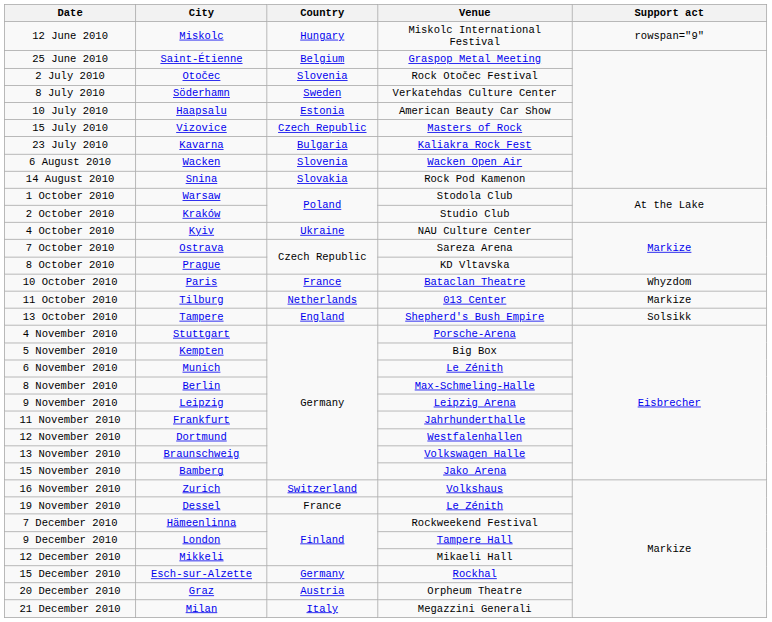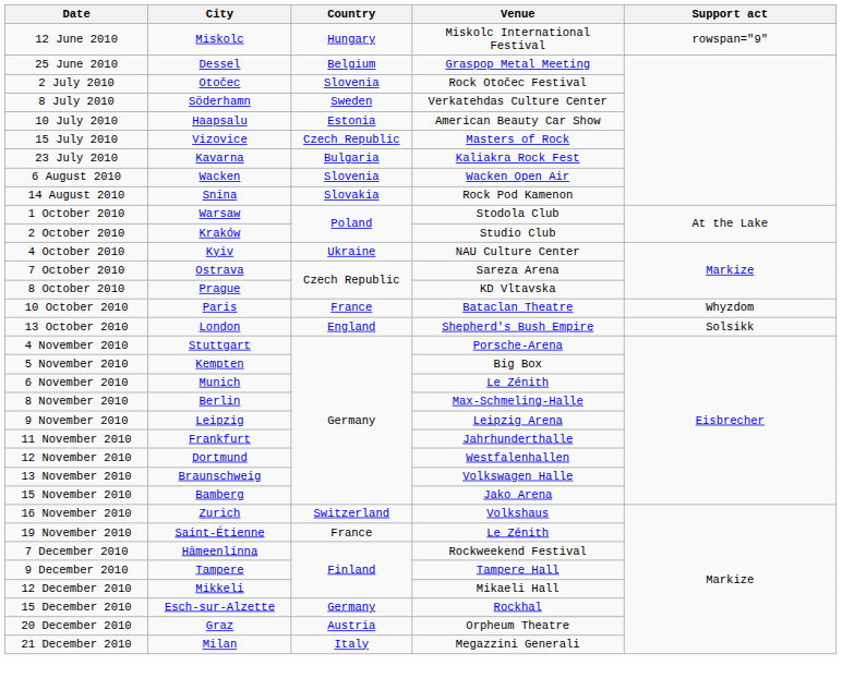 <table class="wikitable plainrowheaders" style="text-align:center;">
 <tr>
 <th scope="col" style="width:12em;">Date</th>
 <th scope="col" style="width:12em;">City</th>
 <th scope="col" style="width:10em;">Country</th>
 <th scope="col" style="width:18em;">Venue</th>
 <th scope="col" style="width:18em;">Support act</th>
 </tr>
 <tr>
 <td style="text-align:center">12 June 2010</td>
 <td style="text-align:center"><a href='#'>Miskolc</a></td>
 <td style="text-align:center"><a href='#'>Hungary</a></td>
 <td style="text-align:center">Miskolc International Festival</td>
 <td>rowspan="9" </td>
 </tr>
 <tr>
 <td style="text-align:center">25 June 2010</td>
-<td style="text-align:center"><a href='#'>Saint-Étienne</a></td>
+<td style="text-align:center"><a href='#'>Dessel</a></td>
 <td style="text-align:center"><a href='#'>Belgium</a></td>
 <td style="text-align:center"><a href='#'>Graspop Metal Meeting</a></td>
 </tr>
 <tr>
 <td style="text-align:center">2 July 2010</td>
 <td style="text-align:center"><a href='#'>Otočec</a></td>
 <td style="text-align:center"><a href='#'>Slovenia</a></td>
 <td style="text-align:center">Rock Otočec Festival</td>
 </tr>
 <tr>
 <td style="text-align:center">8 July 2010</td>
 <td style="text-align:center"><a href='#'>Söderhamn</a></td>
 <td style="text-align:center"><a href='#'>Sweden</a></td>
 <td style="text-align:center">Verkatehdas Culture Center</td>
 </tr>
 <tr>
 <td style="text-align:center">10 July 2010</td>
 <td style="text-align:center"><a href='#'>Haapsalu</a></td>
 <td style="text-align:center"><a href='#'>Estonia</a></td>
 <td style="text-align:center">American Beauty Car Show</td>
 </tr>
 <tr>
 <td style="text-align:center">15 July 2010</td>
 <td style="text-align:center"><a href='#'>Vizovice</a></td>
 <td style="text-align:center"><a href='#'>Czech Republic</a></td>
 <td style="text-align:center"><a href='#'>Masters of Rock</a></td>
 </tr>
 <tr>
 <td style="text-align:center">23 July 2010</td>
 <td style="text-align:center"><a href='#'>Kavarna</a></td>
 <td style="text-align:center"><a href='#'>Bulgaria</a></td>
 <td style="text-align:center"><a href='#'>Kaliakra Rock Fest</a></td>
 </tr>
 <tr>
 <td style="text-align:center">6 August 2010</td>
 <td style="text-align:center"><a href='#'>Wacken</a></td>
 <td style="text-align:center"><a href='#'>Slovenia</a></td>
 <td style="text-align:center"><a href='#'>Wacken Open Air</a></td>
 </tr>
 <tr>
 <td style="text-align:center">14 August 2010</td>
 <td style="text-align:center"><a href='#'>Snina</a></td>
 <td style="text-align:center"><a href='#'>Slovakia</a></td>
 <td style="text-align:center">Rock Pod Kamenon</td>
 </tr>
 <tr>
 <td style="text-align:center">1 October 2010</td>
 <td style="text-align:center"><a href='#'>Warsaw</a></td>
 <td style="text-align:center" rowspan="2"><a href='#'>Poland</a></td>
 <td style="text-align:center">Stodola Club</td>
 <td style="text-align:center" rowspan="2">At the Lake</td>
 </tr>
 <tr>
 <td style="text-align:center">2 October 2010</td>
 <td style="text-align:center"><a href='#'>Kraków</a></td>
 <td style="text-align:center">Studio Club</td>
 </tr>
 <tr>
 <td style="text-align:center">4 October 2010</td>
 <td style="text-align:center"><a href='#'>Kyiv</a></td>
 <td style="text-align:center"><a href='#'>Ukraine</a></td>
 <td style="text-align:center">NAU Culture Center</td>
 <td style="text-align:center" rowspan="3"><a href='#'>Markize</a></td>
 </tr>
 <tr>
 <td style="text-align:center">7 October 2010</td>
 <td style="text-align:center"><a href='#'>Ostrava</a></td>
 <td style="text-align:center" rowspan="2">Czech Republic</td>
 <td style="text-align:center">Sareza Arena</td>
 </tr>
 <tr>
 <td style="text-align:center">8 October 2010</td>
 <td style="text-align:center"><a href='#'>Prague</a></td>
 <td style="text-align:center">KD Vltavska</td>
 </tr>
 <tr>
 <td style="text-align:center">10 October 2010</td>
 <td style="text-align:center"><a href='#'>Paris</a></td>
 <td style="text-align:center"><a href='#'>France</a></td>
 <td style="text-align:center"><a href='#'>Bataclan Theatre</a></td>
 <td style="text-align:center">Whyzdom</td>
 </tr>
 <tr>
-<td style="text-align:center">11 October 2010</td>
-<td style="text-align:center"><a href='#'>Tilburg</a></td>
-<td style="text-align:center"><a href='#'>Netherlands</a></td>
-<td style="text-align:center"><a href='#'>013 Center</a></td>
-<td style="text-align:center">Markize</td>
-</tr>
-<tr>
 <td style="text-align:center">13 October 2010</td>
-<td style="text-align:center"><a href='#'>Tampere</a></td>
+<td style="text-align:center"><a href='#'>London</a></td>
 <td style="text-align:center"><a href='#'>England</a></td>
 <td style="text-align:center"><a href='#'>Shepherd's Bush Empire</a></td>
 <td style="text-align:center">Solsikk</td>
 </tr>
 <tr>
 <td style="text-align:center">4 November 2010</td>
 <td style="text-align:center"><a href='#'>Stuttgart</a></td>
 <td style="text-align:center" rowspan="9">Germany</td>
 <td style="text-align:center"><a href='#'>Porsche-Arena</a></td>
 <td style="text-align:center" rowspan="9"><a href='#'>Eisbrecher</a></td>
 </tr>
 <tr>
 <td style="text-align:center">5 November 2010</td>
 <td style="text-align:center"><a href='#'>Kempten</a></td>
 <td style="text-align:center">Big Box</td>
 </tr>
 <tr>
 <td style="text-align:center">6 November 2010</td>
 <td style="text-align:center"><a href='#'>Munich</a></td>
 <td style="text-align:center"><a href='#'>Le Zénith</a></td>
 </tr>
 <tr>
 <td style="text-align:center">8 November 2010</td>
 <td style="text-align:center"><a href='#'>Berlin</a></td>
 <td style="text-align:center"><a href='#'>Max-Schmeling-Halle</a></td>
 </tr>
 <tr>
 <td style="text-align:center">9 November 2010</td>
 <td style="text-align:center"><a href='#'>Leipzig</a></td>
 <td style="text-align:center"><a href='#'>Leipzig Arena</a></td>
 </tr>
 <tr>
 <td style="text-align:center">11 November 2010</td>
 <td style="text-align:center"><a href='#'>Frankfurt</a></td>
 <td style="text-align:center"><a href='#'>Jahrhunderthalle</a></td>
 </tr>
 <tr>
 <td style="text-align:center">12 November 2010</td>
 <td style="text-align:center"><a href='#'>Dortmund</a></td>
 <td style="text-align:center"><a href='#'>Westfalenhallen</a></td>
 </tr>
 <tr>
 <td style="text-align:center">13 November 2010</td>
 <td style="text-align:center"><a href='#'>Braunschweig</a></td>
 <td style="text-align:center"><a href='#'>Volkswagen Halle</a></td>
 </tr>
 <tr>
 <td style="text-align:center">15 November 2010</td>
 <td style="text-align:center"><a href='#'>Bamberg</a></td>
 <td style="text-align:center"><a href='#'>Jako Arena</a></td>
 </tr>
 <tr>
 <td style="text-align:center">16 November 2010</td>
 <td style="text-align:center"><a href='#'>Zurich</a></td>
 <td style="text-align:center"><a href='#'>Switzerland</a></td>
 <td style="text-align:center"><a href='#'>Volkshaus</a></td>
 <td style="text-align:center" rowspan="8">Markize</td>
 </tr>
 <tr>
 <td style="text-align:center">19 November 2010</td>
-<td style="text-align:center"><a href='#'>Dessel</a></td>
+<td style="text-align:center"><a href='#'>Saint-Étienne</a></td>
 <td style="text-align:center">France</td>
 <td style="text-align:center"><a href='#'>Le Zénith</a></td>
 </tr>
 <tr>
 <td style="text-align:center">7 December 2010</td>
 <td style="text-align:center"><a href='#'>Hämeenlinna</a></td>
 <td style="text-align:center" rowspan="3"><a href='#'>Finland</a></td>
 <td style="text-align:center">Rockweekend Festival</td>
 </tr>
 <tr>
 <td style="text-align:center">9 December 2010</td>
-<td style="text-align:center"><a href='#'>London</a></td>
+<td style="text-align:center"><a href='#'>Tampere</a></td>
 <td style="text-align:center"><a href='#'>Tampere Hall</a></td>
 </tr>
 <tr>
 <td style="text-align:center">12 December 2010</td>
 <td style="text-align:center"><a href='#'>Mikkeli</a></td>
 <td style="text-align:center">Mikaeli Hall</td>
 </tr>
 <tr>
 <td style="text-align:center">15 December 2010</td>
 <td style="text-align:center"><a href='#'>Esch-sur-Alzette</a></td>
 <td style="text-align:center"><a href='#'>Germany</a></td>
 <td style="text-align:center"><a href='#'>Rockhal</a></td>
 </tr>
 <tr>
 <td style="text-align:center">20 December 2010</td>
 <td style="text-align:center"><a href='#'>Graz</a></td>
 <td style="text-align:center"><a href='#'>Austria</a></td>
 <td style="text-align:center">Orpheum Theatre</td>
 </tr>
 <tr>
 <td style="text-align:center">21 December 2010</td>
 <td style="text-align:center"><a href='#'>Milan</a></td>
 <td style="text-align:center"><a href='#'>Italy</a></td>
 <td style="text-align:center">Megazzini Generali</td>
 </tr>
 </table>
